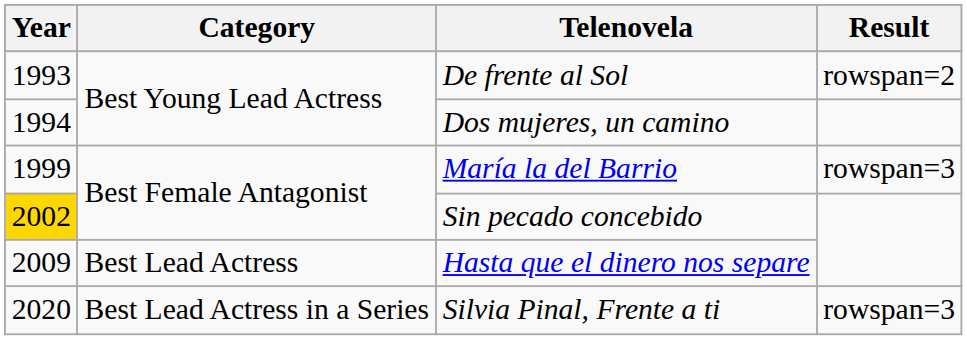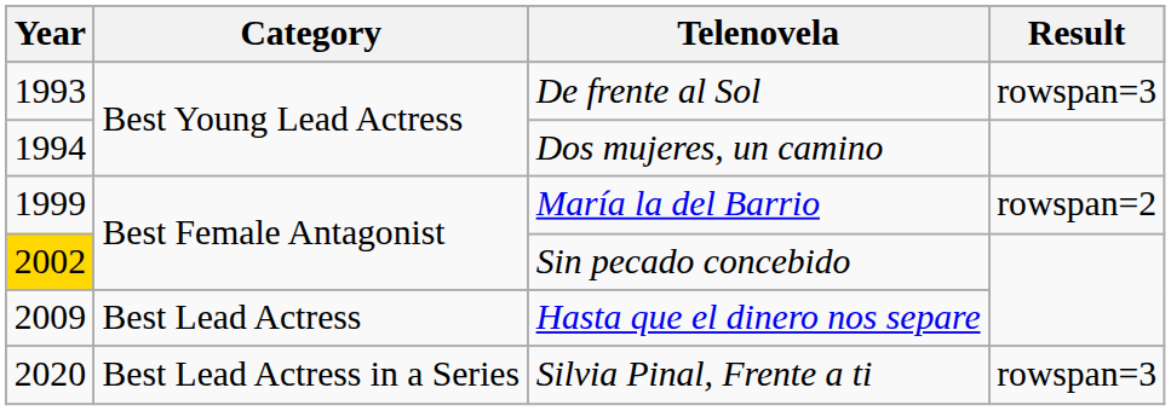 <table class="wikitable">
 <tr style="background:#b0c4de;">
 <th>Year</th>
 <th>Category</th>
 <th>Telenovela</th>
 <th>Result</th>
 </tr>
 <tr>
 <td>1993</td>
 <td rowspan=2>Best Young Lead Actress</td>
 <td><em>De frente al Sol</em></td>
-<td>rowspan=2 </td>
+<td>rowspan=3 </td>
 </tr>
 <tr>
 <td>1994</td>
 <td><em>Dos mujeres, un camino</em></td>
 </tr>
 <tr>
 <td>1999</td>
 <td rowspan=2>Best Female Antagonist</td>
 <td><em><a href='#'>María la del Barrio</a></em></td>
-<td>rowspan=3 </td>
+<td>rowspan=2 </td>
 </tr>
 <tr>
 <td style="background: gold;">2002</td>
 <td><em>Sin pecado concebido</em></td>
 </tr>
 <tr>
 <td>2009</td>
 <td>Best Lead Actress</td>
 <td><em><a href='#'>Hasta que el dinero nos separe</a></em> </td>
 </tr>
 <tr>
 <td>2020</td>
 <td rowspan=2>Best Lead Actress in a Series</td>
 <td><em>Silvia Pinal, Frente a ti</em></td>
 <td>rowspan=3 </td>
 </tr>
 </table>
